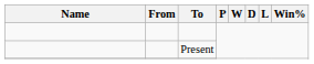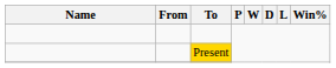 <table class="wikitable sortable" style="text-align: center;">
 <tr>
 <th style="width:12em">Name</th>
 <th>From</th>
 <th>To</th>
 <th>P</th>
 <th>W</th>
 <th>D</th>
 <th>L</th>
 <th>Win%</th>
 </tr>
 <tr>
 <td align=left></td>
 <td></td>
 <td><br></td>
 </tr>
 <tr>
 <td align="left"></td>
 <td></td>
-<td>Present<br></td>
+<td style="background: gold;">Present<br></td>
 </tr>
 <tr>
 </tr>
 </table>
